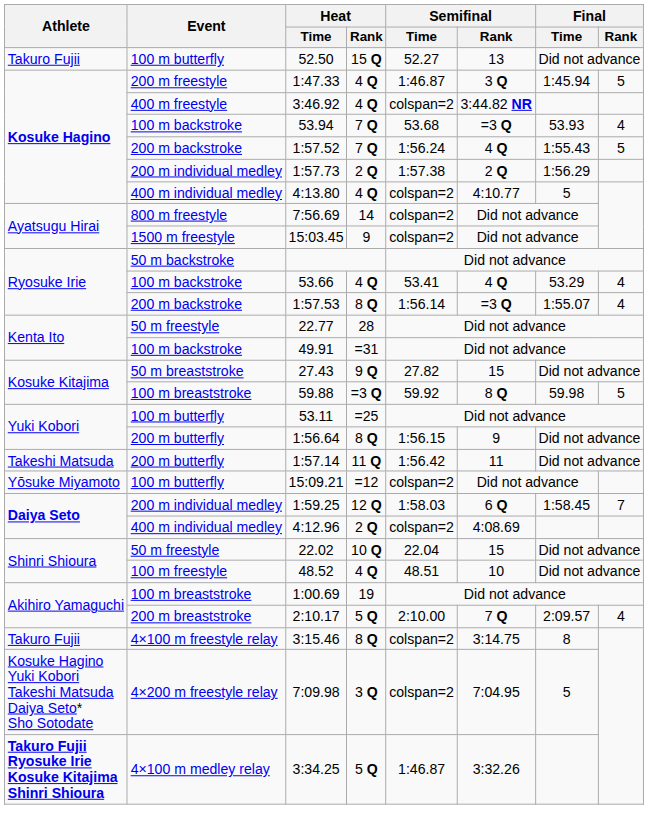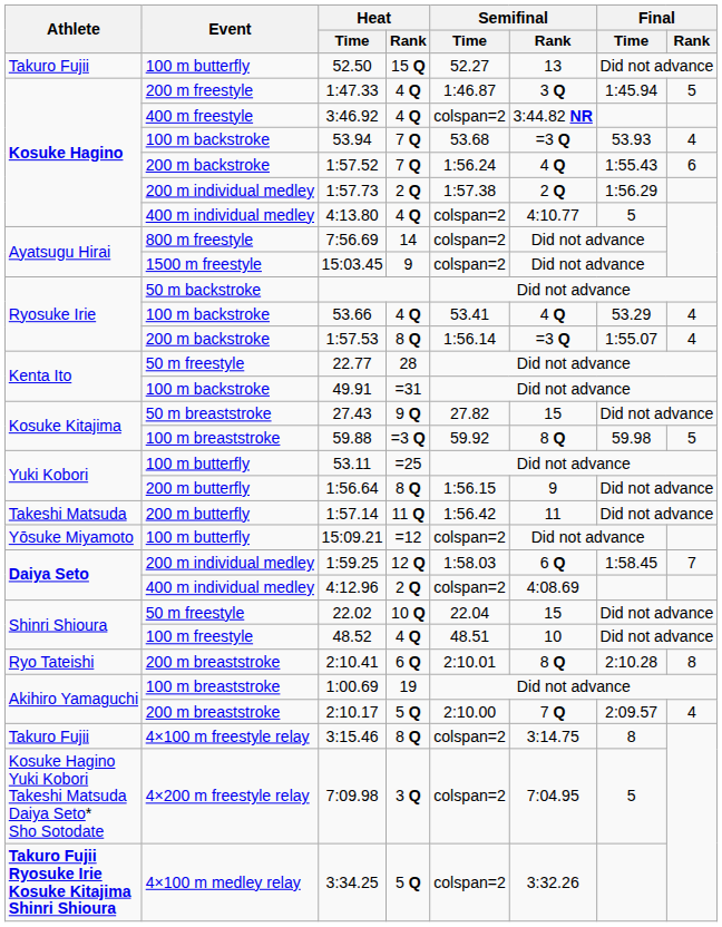 <table class=wikitable style="font-size:90%">
 <tr>
 <th rowspan="2">Athlete</th>
 <th rowspan="2">Event</th>
 <th colspan="2">Heat</th>
 <th colspan="2">Semifinal</th>
 <th colspan="2">Final</th>
 </tr>
 <tr style="font-size:95%">
 <th>Time</th>
 <th>Rank</th>
 <th>Time</th>
 <th>Rank</th>
 <th>Time</th>
 <th>Rank</th>
 </tr>
 <tr align=center>
 <td align=left><a href='#'>Takuro Fujii</a></td>
 <td align=left><a href='#'>100 m butterfly</a></td>
 <td>52.50</td>
 <td>15 <strong>Q</strong></td>
 <td>52.27</td>
 <td>13</td>
 <td colspan=2>Did not advance</td>
 </tr>
 <tr align=center>
 <td align=left rowspan=6><strong><a href='#'>Kosuke Hagino</a></strong></td>
 <td align=left><a href='#'>200 m freestyle</a></td>
 <td>1:47.33</td>
 <td>4 <strong>Q</strong></td>
 <td>1:46.87</td>
 <td>3 <strong>Q</strong></td>
 <td>1:45.94</td>
 <td>5</td>
 </tr>
 <tr align=center>
 <td align=left><a href='#'>400 m freestyle</a></td>
 <td>3:46.92</td>
 <td>4 <strong>Q</strong></td>
 <td>colspan=2 </td>
 <td>3:44.82 <strong><a href='#'>NR</a></strong></td>
 <td></td>
 </tr>
 <tr align=center>
 <td align=left><a href='#'>100 m backstroke</a></td>
 <td>53.94</td>
 <td>7 <strong>Q</strong></td>
 <td>53.68</td>
 <td>=3 <strong>Q</strong></td>
 <td>53.93</td>
 <td>4</td>
 </tr>
 <tr align=center>
 <td align=left><a href='#'>200 m backstroke</a></td>
 <td>1:57.52</td>
 <td>7 <strong>Q</strong></td>
 <td>1:56.24</td>
 <td>4 <strong>Q</strong></td>
 <td>1:55.43</td>
-<td>5</td>
+<td>6</td>
 </tr>
 <tr align=center>
 <td align=left><a href='#'>200 m individual medley</a></td>
 <td>1:57.73</td>
 <td>2 <strong>Q</strong></td>
 <td>1:57.38</td>
 <td>2 <strong>Q</strong></td>
 <td>1:56.29</td>
 <td></td>
 </tr>
 <tr align=center>
 <td align=left><a href='#'>400 m individual medley</a></td>
 <td>4:13.80</td>
 <td>4 <strong>Q</strong></td>
 <td>colspan=2 </td>
 <td>4:10.77</td>
 <td>5</td>
 </tr>
 <tr align=center>
 <td align=left rowspan=2><a href='#'>Ayatsugu Hirai</a></td>
 <td align=left><a href='#'>800 m freestyle</a></td>
 <td>7:56.69</td>
 <td>14</td>
 <td>colspan=2 </td>
 <td colspan=2>Did not advance</td>
 </tr>
 <tr align=center>
 <td align=left><a href='#'>1500 m freestyle</a></td>
 <td>15:03.45</td>
 <td>9</td>
 <td>colspan=2 </td>
 <td colspan=2>Did not advance</td>
 </tr>
 <tr align=center>
 <td align=left rowspan=3><a href='#'>Ryosuke Irie</a></td>
 <td align=left><a href='#'>50 m backstroke</a></td>
 <td colspan=2></td>
 <td colspan=4>Did not advance</td>
 </tr>
 <tr align=center>
 <td align=left><a href='#'>100 m backstroke</a></td>
 <td>53.66</td>
 <td>4 <strong>Q</strong></td>
 <td>53.41</td>
 <td>4 <strong>Q</strong></td>
 <td>53.29</td>
 <td>4</td>
 </tr>
 <tr align=center>
 <td align=left><a href='#'>200 m backstroke</a></td>
 <td>1:57.53</td>
 <td>8 <strong>Q</strong></td>
 <td>1:56.14</td>
 <td>=3 <strong>Q</strong></td>
 <td>1:55.07</td>
 <td>4</td>
 </tr>
 <tr align=center>
 <td align=left rowspan=2><a href='#'>Kenta Ito</a></td>
 <td align=left><a href='#'>50 m freestyle</a></td>
 <td>22.77</td>
 <td>28</td>
 <td colspan=4>Did not advance</td>
 </tr>
 <tr align=center>
 <td align=left><a href='#'>100 m backstroke</a></td>
 <td>49.91</td>
 <td>=31</td>
 <td colspan=4>Did not advance</td>
 </tr>
 <tr align=center>
 <td align=left rowspan=2><a href='#'>Kosuke Kitajima</a></td>
 <td align=left><a href='#'>50 m breaststroke</a></td>
 <td>27.43</td>
 <td>9 <strong>Q</strong></td>
 <td>27.82</td>
 <td>15</td>
 <td colspan=2>Did not advance</td>
 </tr>
 <tr align=center>
 <td align=left><a href='#'>100 m breaststroke</a></td>
 <td>59.88</td>
 <td>=3 <strong>Q</strong></td>
 <td>59.92</td>
 <td>8 <strong>Q</strong></td>
 <td>59.98</td>
 <td>5</td>
 </tr>
 <tr align=center>
 <td align=left rowspan=2><a href='#'>Yuki Kobori</a></td>
 <td align=left><a href='#'>100 m butterfly</a></td>
 <td>53.11</td>
 <td>=25</td>
 <td colspan=4>Did not advance</td>
 </tr>
 <tr align=center>
 <td align=left><a href='#'>200 m butterfly</a></td>
 <td>1:56.64</td>
 <td>8 <strong>Q</strong></td>
 <td>1:56.15</td>
 <td>9</td>
 <td colspan=2>Did not advance</td>
 </tr>
 <tr align=center>
 <td align=left><a href='#'>Takeshi Matsuda</a></td>
 <td align=left><a href='#'>200 m butterfly</a></td>
 <td>1:57.14</td>
 <td>11 <strong>Q</strong></td>
 <td>1:56.42</td>
 <td>11</td>
 <td colspan=2>Did not advance</td>
 </tr>
 <tr align=center>
 <td align=left><a href='#'>Yōsuke Miyamoto</a></td>
 <td align=left><a href='#'>100 m butterfly</a></td>
 <td>15:09.21</td>
 <td>=12</td>
 <td>colspan=2 </td>
 <td colspan=2>Did not advance</td>
 </tr>
 <tr align=center>
 <td align=left rowspan=2><strong><a href='#'>Daiya Seto</a></strong></td>
 <td align=left><a href='#'>200 m individual medley</a></td>
 <td>1:59.25</td>
 <td>12 <strong>Q</strong></td>
 <td>1:58.03</td>
 <td>6 <strong>Q</strong></td>
 <td>1:58.45</td>
 <td>7</td>
 </tr>
 <tr align=center>
 <td align=left><a href='#'>400 m individual medley</a></td>
 <td>4:12.96</td>
 <td>2 <strong>Q</strong></td>
 <td>colspan=2 </td>
 <td>4:08.69</td>
 <td></td>
 </tr>
 <tr align=center>
 <td align=left rowspan=2><a href='#'>Shinri Shioura</a></td>
 <td align=left><a href='#'>50 m freestyle</a></td>
 <td>22.02</td>
 <td>10 <strong>Q</strong></td>
 <td>22.04</td>
 <td>15</td>
 <td colspan=2>Did not advance</td>
 </tr>
 <tr align=center>
 <td align=left><a href='#'>100 m freestyle</a></td>
 <td>48.52</td>
 <td>4 <strong>Q</strong></td>
 <td>48.51</td>
 <td>10</td>
 <td colspan=2>Did not advance</td>
 </tr>
 <tr align=center>
+<td align=left><a href='#'>Ryo Tateishi</a></td>
+<td align=left><a href='#'>200 m breaststroke</a></td>
+<td>2:10.41</td>
+<td>6 <strong>Q</strong></td>
+<td>2:10.01</td>
+<td>8 <strong>Q</strong></td>
+<td>2:10.28</td>
+<td>8</td>
+</tr>
+<tr align=center>
 <td align=left rowspan=2><a href='#'>Akihiro Yamaguchi</a></td>
 <td align=left><a href='#'>100 m breaststroke</a></td>
 <td>1:00.69</td>
 <td>19</td>
 <td colspan=4>Did not advance</td>
 </tr>
 <tr align=center>
 <td align=left><a href='#'>200 m breaststroke</a></td>
 <td>2:10.17</td>
 <td>5 <strong>Q</strong></td>
 <td>2:10.00</td>
 <td>7 <strong>Q</strong></td>
 <td>2:09.57</td>
 <td>4</td>
 </tr>
 <tr align=center>
 <td align=left><a href='#'>Takuro Fujii</a></td>
 <td align=left><a href='#'>4×100 m freestyle relay</a></td>
 <td>3:15.46</td>
 <td>8 <strong>Q</strong></td>
 <td>colspan=2 </td>
 <td>3:14.75</td>
 <td>8</td>
 </tr>
 <tr align=center>
 <td align=left><a href='#'>Kosuke Hagino</a><br><a href='#'>Yuki Kobori</a><br><a href='#'>Takeshi Matsuda</a><br><a href='#'>Daiya Seto</a>*<br><a href='#'>Sho Sotodate</a></td>
 <td align=left><a href='#'>4×200 m freestyle relay</a></td>
 <td>7:09.98</td>
 <td>3 <strong>Q</strong></td>
 <td>colspan=2 </td>
 <td>7:04.95</td>
 <td>5</td>
 </tr>
 <tr align=center>
 <td align=left><strong><a href='#'>Takuro Fujii</a><br><a href='#'>Ryosuke Irie</a><br><a href='#'>Kosuke Kitajima</a><br><a href='#'>Shinri Shioura</a></strong></td>
 <td align=left><a href='#'>4×100 m medley relay</a></td>
 <td>3:34.25</td>
 <td>5 <strong>Q</strong></td>
-<td>1:46.87</td>
+<td>colspan=2 </td>
 <td>3:32.26</td>
 <td></td>
 </tr>
 </table>
